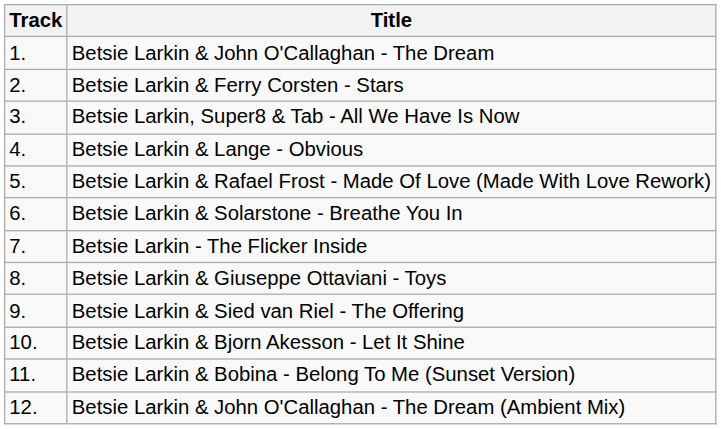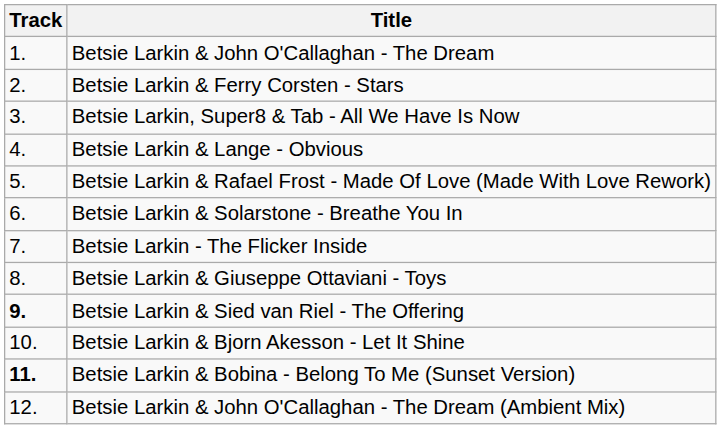 <table class="wikitable">
 <tr>
 <th>Track</th>
 <th>Title</th>
 </tr>
 <tr>
 <td>1.</td>
 <td>Betsie Larkin & John O'Callaghan - The Dream</td>
 </tr>
 <tr>
 <td>2.</td>
 <td>Betsie Larkin & Ferry Corsten - Stars</td>
 </tr>
 <tr>
 <td>3.</td>
 <td>Betsie Larkin, Super8 & Tab - All We Have Is Now</td>
 </tr>
 <tr>
 <td>4.</td>
 <td>Betsie Larkin & Lange - Obvious</td>
 </tr>
 <tr>
 <td>5.</td>
 <td>Betsie Larkin & Rafael Frost - Made Of Love (Made With Love Rework)</td>
 </tr>
 <tr>
 <td>6.</td>
 <td>Betsie Larkin & Solarstone - Breathe You In</td>
 </tr>
 <tr>
 <td>7.</td>
 <td>Betsie Larkin - The Flicker Inside</td>
 </tr>
 <tr>
 <td>8.</td>
 <td>Betsie Larkin & Giuseppe Ottaviani - Toys</td>
 </tr>
 <tr>
-<td>9.</td>
+<td><strong>9.</strong></td>
 <td>Betsie Larkin & Sied van Riel - The Offering</td>
 </tr>
 <tr>
 <td>10.</td>
 <td>Betsie Larkin & Bjorn Akesson - Let It Shine</td>
 </tr>
 <tr>
-<td>11.</td>
+<td><strong>11.</strong></td>
 <td>Betsie Larkin & Bobina - Belong To Me (Sunset Version)</td>
 </tr>
 <tr>
 <td>12.</td>
 <td>Betsie Larkin & John O'Callaghan - The Dream (Ambient Mix)</td>
 </tr>
 </table>
